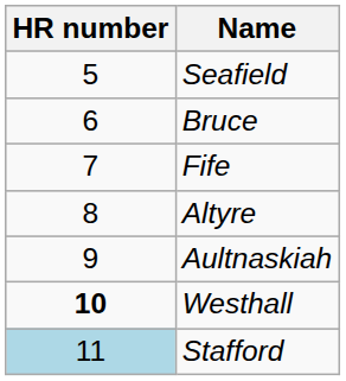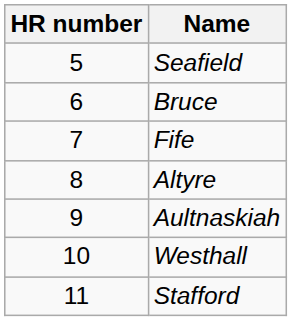 <table class="wikitable">
 <tr>
 <th>HR number</th>
 <th>Name</th>
 </tr>
 <tr>
 <td style="text-align: center;">5</td>
 <td><em>Seafield</em></td>
 </tr>
 <tr>
 <td style="text-align: center;">6</td>
 <td><em>Bruce</em></td>
 </tr>
 <tr>
 <td style="text-align: center;">7</td>
 <td><em>Fife</em></td>
 </tr>
 <tr>
 <td style="text-align: center;">8</td>
 <td><em>Altyre</em></td>
 </tr>
 <tr>
 <td style="text-align: center;">9</td>
 <td><em>Aultnaskiah</em></td>
 </tr>
 <tr>
-<td style="text-align: center;"><strong>10</strong></td>
+<td style="text-align: center;">10</td>
 <td><em>Westhall</em></td>
 </tr>
 <tr>
-<td style="background: lightblue; text-align: center;">11</td>
+<td style="text-align: center;">11</td>
 <td><em>Stafford</em></td>
 </tr>
 </table>
